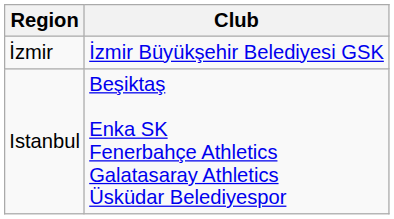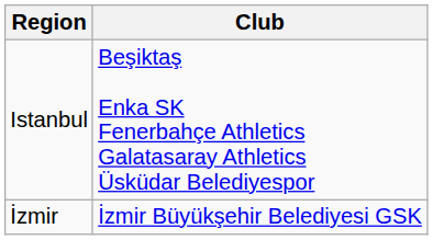 <table class="wikitable style=" textalign:center;"}>
 <tr>
 <th>Region</th>
 <th>Club</th>
 </tr>
 <tr>
+<td>Istanbul</td>
+<td><a href='#'>Beşiktaş</a><br><br><a href='#'>Enka SK</a><br> <a href='#'>Fenerbahçe Athletics</a><br> <a href='#'>Galatasaray Athletics</a><br> <a href='#'>Üsküdar Belediyespor</a></td>
+</tr>
+<tr>
 <td>İzmir</td>
 <td><a href='#'>İzmir Büyükşehir Belediyesi GSK</a></td>
 </tr>
-<tr>
-<td>Istanbul</td>
-<td><a href='#'>Beşiktaş</a><br><br><a href='#'>Enka SK</a><br> <a href='#'>Fenerbahçe Athletics</a><br> <a href='#'>Galatasaray Athletics</a><br> <a href='#'>Üsküdar Belediyespor</a></td>
-</tr>
 </table>
